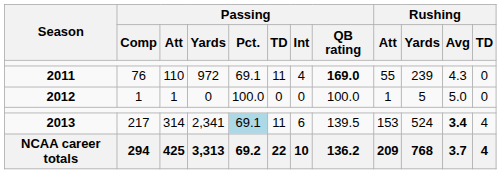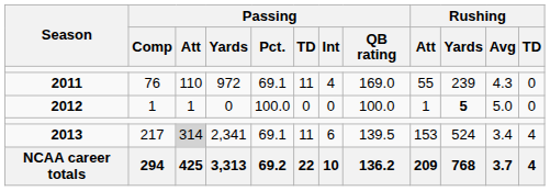 <table class=wikitable style="text-align:center;">
 <tr>
 <th rowspan=2>Season</th>
 <th colspan=7>Passing</th>
 <th colspan=4>Rushing</th>
 </tr>
 <tr>
 <th>Comp</th>
 <th>Att</th>
 <th>Yards</th>
 <th>Pct.</th>
 <th>TD</th>
 <th>Int</th>
 <th>QB rating</th>
 <th>Att</th>
 <th>Yards</th>
 <th>Avg</th>
 <th>TD</th>
 </tr>
 <tr>
 <td ! colspan="12"></td>
 </tr>
 <tr>
 <td><strong>2011</strong></td>
 <td>76</td>
 <td>110</td>
 <td>972</td>
 <td>69.1</td>
 <td>11</td>
 <td>4</td>
-<td><strong>169.0</strong></td>
+<td>169.0</td>
 <td>55</td>
 <td>239</td>
 <td>4.3</td>
 <td>0</td>
 </tr>
 <tr>
 <td><strong>2012</strong></td>
 <td>1</td>
 <td>1</td>
 <td>0</td>
 <td>100.0</td>
 <td>0</td>
 <td>0</td>
 <td>100.0</td>
 <td>1</td>
-<td>5</td>
+<td><strong>5</strong></td>
 <td>5.0</td>
 <td>0</td>
 </tr>
 <tr>
 <td ! colspan="12"></td>
 </tr>
 <tr>
 <td><strong>2013</strong></td>
 <td>217</td>
-<td>314</td>
+<td style="background: lightgrey;">314</td>
 <td>2,341</td>
-<td style="background: lightblue;">69.1</td>
+<td>69.1</td>
 <td>11</td>
 <td>6</td>
 <td>139.5</td>
 <td>153</td>
 <td>524</td>
-<td><strong>3.4</strong></td>
+<td>3.4</td>
 <td>4</td>
 </tr>
 <tr>
 <th>NCAA career totals</th>
 <th>294</th>
 <th>425</th>
 <th>3,313</th>
 <th>69.2</th>
 <th>22</th>
 <th>10</th>
 <th>136.2</th>
 <th>209</th>
 <th>768</th>
 <th>3.7</th>
 <th>4</th>
 </tr>
 </table>
